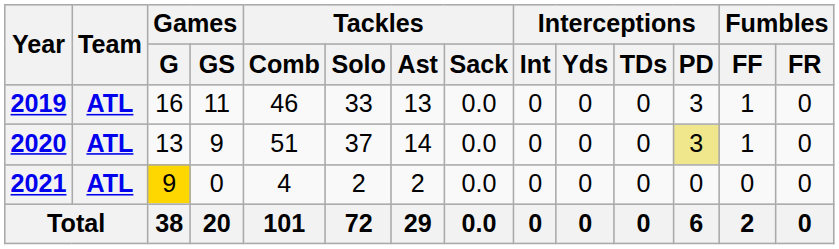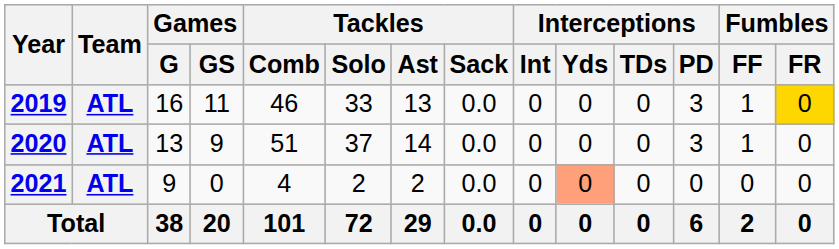 <table class="wikitable" style="text-align: center;">
 <tr>
 <th rowspan="2">Year</th>
 <th rowspan="2">Team</th>
 <th colspan="2">Games</th>
 <th colspan="4">Tackles</th>
 <th colspan="4">Interceptions</th>
 <th colspan="2">Fumbles</th>
 </tr>
 <tr>
 <th>G</th>
 <th>GS</th>
 <th>Comb</th>
 <th>Solo</th>
 <th>Ast</th>
 <th>Sack</th>
 <th>Int</th>
 <th>Yds</th>
 <th>TDs</th>
 <th>PD</th>
 <th>FF</th>
 <th>FR</th>
 </tr>
 <tr>
 <th><a href='#'>2019</a></th>
 <th><a href='#'>ATL</a></th>
 <td>16</td>
 <td>11</td>
 <td>46</td>
 <td>33</td>
 <td>13</td>
 <td>0.0</td>
 <td>0</td>
 <td>0</td>
 <td>0</td>
 <td>3</td>
 <td>1</td>
-<td>0</td>
+<td style="background: gold;">0</td>
 </tr>
 <tr>
 <th><a href='#'>2020</a></th>
 <th><a href='#'>ATL</a></th>
 <td>13</td>
 <td>9</td>
 <td>51</td>
 <td>37</td>
 <td>14</td>
 <td>0.0</td>
 <td>0</td>
 <td>0</td>
 <td>0</td>
-<td style="background: khaki;">3</td>
+<td>3</td>
 <td>1</td>
 <td>0</td>
 </tr>
 <tr>
 <th><a href='#'>2021</a></th>
 <th><a href='#'>ATL</a></th>
-<td style="background: gold;">9</td>
+<td>9</td>
 <td>0</td>
 <td>4</td>
 <td>2</td>
 <td>2</td>
 <td>0.0</td>
 <td>0</td>
-<td>0</td>
+<td style="background: lightsalmon;">0</td>
 <td>0</td>
 <td>0</td>
 <td>0</td>
 <td>0</td>
 </tr>
 <tr>
 <th colspan="2">Total</th>
 <th>38</th>
 <th>20</th>
 <th>101</th>
 <th>72</th>
 <th>29</th>
 <th>0.0</th>
 <th>0</th>
 <th>0</th>
 <th>0</th>
 <th>6</th>
 <th>2</th>
 <th>0</th>
 </tr>
 </table>
